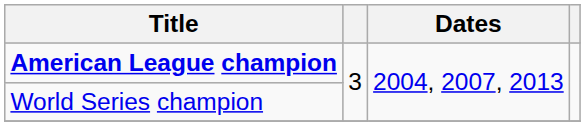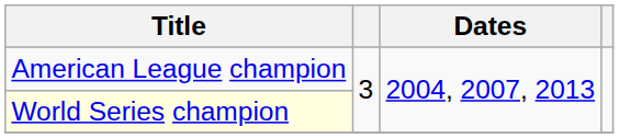 <table class="wikitable" margin: 5px; text-align: center;>
 <tr>
 <th>Title</th>
 <th></th>
 <th>Dates</th>
 <th></th>
 </tr>
 <tr>
-<td><strong><a href='#'>American League</a> <a href='#'>champion</a></strong></td>
+<td><a href='#'>American League</a> <a href='#'>champion</a></td>
 <td align="center" rowspan=2>3</td>
 <td rowspan=2><a href='#'>2004</a>, <a href='#'>2007</a>, <a href='#'>2013</a></td>
 <td rowspan=2></td>
 </tr>
 <tr>
-<td><a href='#'>World Series</a> <a href='#'>champion</a></td>
+<td style="background: lightyellow;"><a href='#'>World Series</a> <a href='#'>champion</a></td>
 </tr>
 <tr>
 </tr>
 </table>
